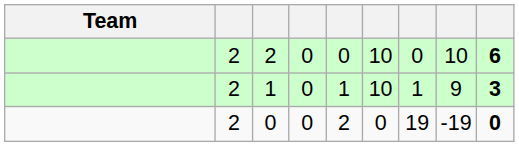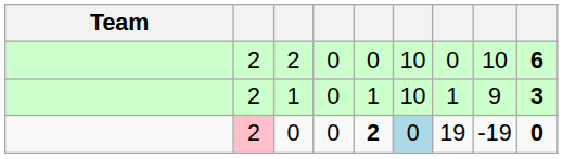 <table class="wikitable" style="text-align:center;">
 <tr>
 <th width=150>Team</th>
 <th width=20 abbr="Played"></th>
 <th width=20 abbr="Won"></th>
 <th width=20 abbr="Drawn"></th>
 <th width=20 abbr="Lost"></th>
 <th width=20 abbr="Goals for"></th>
 <th width=20 abbr="Goals against"></th>
 <th width=20 abbr="Goal difference"></th>
 <th width=20 abbr="Points"></th>
 </tr>
 <tr bgcolor="#ccffcc">
 <td align="left"></td>
 <td>2</td>
 <td>2</td>
 <td>0</td>
 <td>0</td>
 <td>10</td>
 <td>0</td>
 <td>10</td>
 <td><strong>6</strong></td>
 </tr>
 <tr bgcolor="#ccffcc">
 <td align="left"></td>
 <td>2</td>
 <td>1</td>
 <td>0</td>
 <td>1</td>
 <td>10</td>
 <td>1</td>
 <td>9</td>
 <td><strong>3</strong></td>
 </tr>
 <tr>
 <td align="left"></td>
-<td>2</td>
+<td style="background: pink;">2</td>
 <td>0</td>
 <td>0</td>
-<td>2</td>
-<td>0</td>
+<td><strong>2</strong></td>
+<td style="background: lightblue;">0</td>
 <td>19</td>
 <td>-19</td>
 <td><strong>0</strong></td>
 </tr>
 </table>
